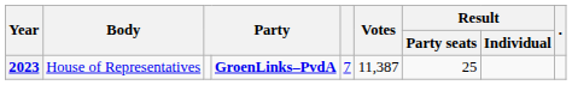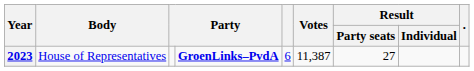 <table class="wikitable plainrowheaders sortable" border=2 cellpadding=4 cellspacing=0 style="border: 1px #aaa solid; font-size: 90%; text-align:center;">
 <tr>
 <th scope="col" rowspan=2>Year</th>
 <th scope="col" rowspan=2>Body</th>
 <th scope="col" colspan=2 rowspan=2>Party</th>
 <th scope="col" rowspan=2></th>
 <th scope="col" rowspan=2>Votes</th>
 <th scope="colgroup" colspan=2>Result</th>
 <th scope="col" rowspan=2 class="unsortable">.</th>
 </tr>
 <tr>
 <th scope="col">Party seats</th>
 <th scope="col">Individual</th>
 </tr>
 <tr>
 <th scope="row"><a href='#'>2023</a></th>
 <td><a href='#'>House of Representatives</a></td>
 <td style="background-color:"></td>
 <td><strong><a href='#'>GroenLinks–PvdA</a></strong></td>
-<td style=text-align:right><a href='#'>7</a></td>
+<td style=text-align:right><a href='#'>6</a></td>
 <td style=text-align:right>11,387</td>
-<td style=text-align:right>25</td>
+<td style=text-align:right>27</td>
 <td></td>
 <td></td>
 </tr>
 </table>
